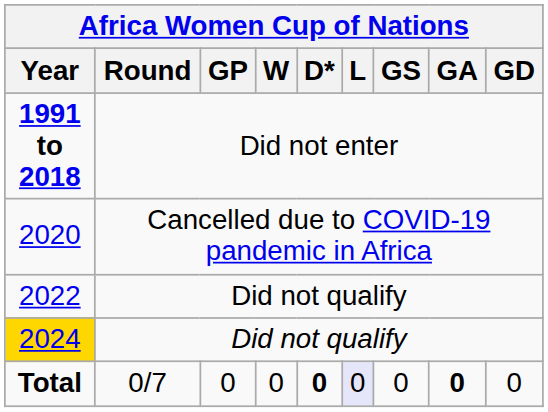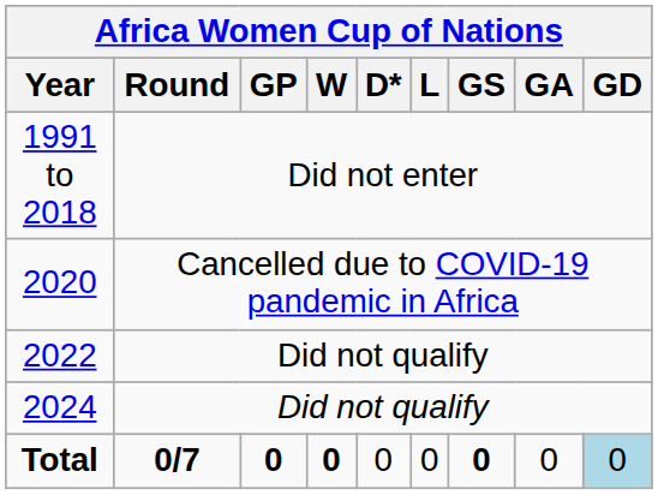 <table class="wikitable" style="text-align: center; width:50%;">
 <tr>
 <th colspan=10><a href='#'>Africa Women Cup of Nations</a></th>
 </tr>
 <tr>
 <th>Year</th>
 <th>Round</th>
 <th>GP</th>
 <th>W</th>
 <th>D*</th>
 <th>L</th>
 <th>GS</th>
 <th>GA</th>
 <th>GD</th>
 </tr>
 <tr>
-<td><strong><a href='#'>1991</a> to  <a href='#'>2018</a></strong></td>
+<td><a href='#'>1991</a> to  <a href='#'>2018</a></td>
 <td colspan=8>Did not enter</td>
 </tr>
 <tr>
 <td><a href='#'>2020</a></td>
 <td colspan=8>Cancelled due to <a href='#'>COVID-19 pandemic in Africa</a></td>
 </tr>
 <tr>
 <td> <a href='#'>2022</a></td>
 <td colspan=8>Did not qualify</td>
 </tr>
 <tr>
-<td style="background: gold;"> <a href='#'>2024</a></td>
+<td> <a href='#'>2024</a></td>
 <td colspan=8><em>Did not qualify</em></td>
 </tr>
 <tr>
 <td><strong>Total</strong></td>
-<td>0/7</td>
+<td><strong>0/7</strong></td>
+<td><strong>0</strong></td>
+<td><strong>0</strong></td>
 <td>0</td>
 <td>0</td>
 <td><strong>0</strong></td>
-<td style="background: lavender;">0</td>
 <td>0</td>
-<td><strong>0</strong></td>
-<td>0</td>
+<td style="background: lightblue;">0</td>
 </tr>
 </table>
